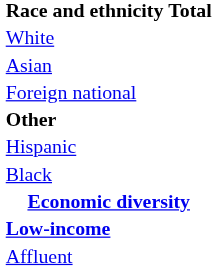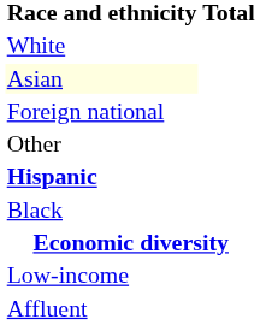 <table font-size:80%;">
 <tr>
 <th>Race and ethnicity</th>
 <th colspan="2" data-sort-type=number>Total</th>
 </tr>
 <tr>
 <td><a href='#'>White</a></td>
 <td align=right></td>
 </tr>
 <tr>
-<td><a href='#'>Asian</a></td>
+<td style="background: lightyellow;"><a href='#'>Asian</a></td>
 <td align=right></td>
 </tr>
 <tr>
 <td><a href='#'>Foreign national</a></td>
 <td align=right></td>
 </tr>
 <tr>
-<td><strong>Other</strong></td>
+<td>Other</td>
 <td align=right></td>
 </tr>
 <tr>
-<td><a href='#'>Hispanic</a></td>
+<td><strong><a href='#'>Hispanic</a></strong></td>
 <td align=right></td>
 </tr>
 <tr>
 <td><a href='#'>Black</a></td>
 <td align=right></td>
 </tr>
 <tr>
 <th colspan="4" data-sort-type=number><a href='#'>Economic diversity</a></th>
 </tr>
 <tr>
-<td><strong><a href='#'>Low-income</a></strong></td>
+<td><a href='#'>Low-income</a></td>
 <td align=right></td>
 </tr>
 <tr>
 <td><a href='#'>Affluent</a></td>
 <td align=right></td>
 </tr>
 </table>
